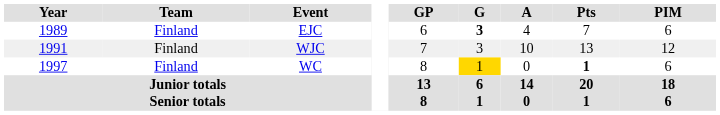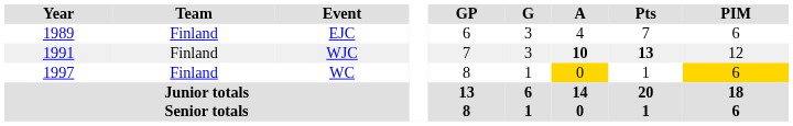 <table border="0" cellpadding="1" cellspacing="0" style="text-align:center; width:50em">
 <tr ALIGN="center" bgcolor="#e0e0e0">
 <th>Year</th>
 <th>Team</th>
 <th>Event</th>
 <th rowspan="99" bgcolor="#ffffff"> </th>
 <th>GP</th>
 <th>G</th>
 <th>A</th>
 <th>Pts</th>
 <th>PIM</th>
 </tr>
 <tr>
 <td><a href='#'>1989</a></td>
 <td><a href='#'>Finland</a></td>
 <td><a href='#'>EJC</a></td>
 <td>6</td>
-<td><strong>3</strong></td>
+<td>3</td>
 <td>4</td>
 <td>7</td>
 <td>6</td>
 </tr>
 <tr bgcolor="#f0f0f0">
 <td><a href='#'>1991</a></td>
 <td>Finland</td>
 <td><a href='#'>WJC</a></td>
 <td>7</td>
 <td>3</td>
-<td>10</td>
-<td>13</td>
+<td><strong>10</strong></td>
+<td><strong>13</strong></td>
 <td>12</td>
 </tr>
 <tr>
 <td><a href='#'>1997</a></td>
 <td><a href='#'>Finland</a></td>
 <td><a href='#'>WC</a></td>
 <td>8</td>
-<td style="background: gold;">1</td>
-<td>0</td>
-<td><strong>1</strong></td>
-<td>6</td>
+<td>1</td>
+<td style="background: gold;">0</td>
+<td>1</td>
+<td style="background: gold;">6</td>
 </tr>
 <tr bgcolor="#e0e0e0">
 <th colspan=3>Junior totals</th>
 <th>13</th>
 <th>6</th>
 <th>14</th>
 <th>20</th>
 <th>18</th>
 </tr>
 <tr bgcolor="#e0e0e0">
 <th colspan=3>Senior totals</th>
 <th>8</th>
 <th>1</th>
 <th>0</th>
 <th>1</th>
 <th>6</th>
 </tr>
 </table>
